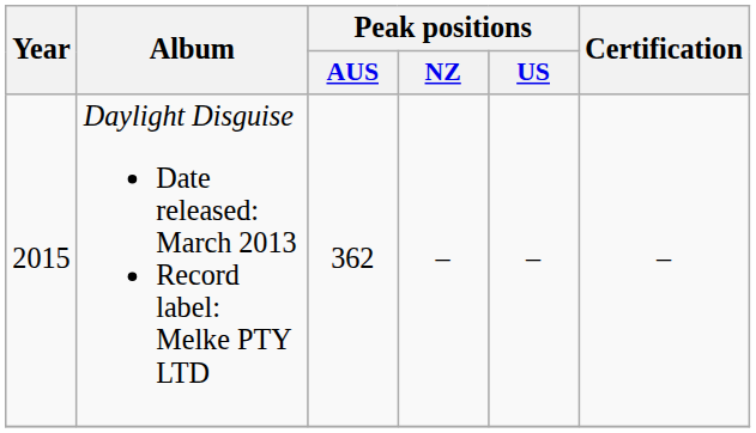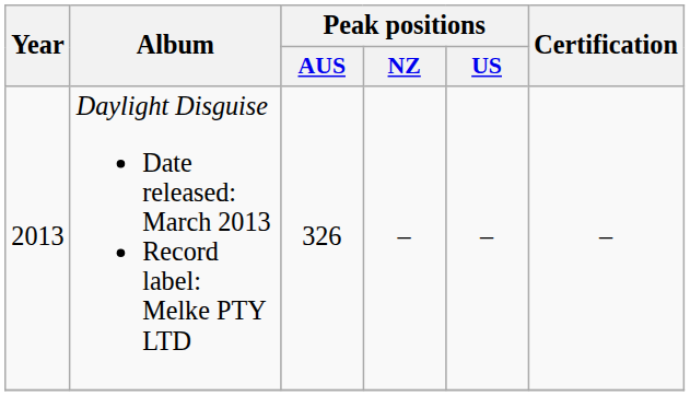 <table class="wikitable">
 <tr>
 <th align="center" rowspan="2" width="10">Year</th>
 <th align="center" rowspan="2" width="120">Album</th>
 <th align="center" colspan="3" width="20">Peak positions</th>
 <th align="center" rowspan="2" width="70">Certification</th>
 </tr>
 <tr>
 <th scope="col" style="width:3em;font-size:90%;"><a href='#'>AUS</a><br></th>
 <th scope="col" style="width:3em;font-size:90%;"><a href='#'>NZ</a><br></th>
 <th scope="col" style="width:3em;font-size:90%;"><a href='#'>US</a><br></th>
 </tr>
 <tr>
-<td style="text-align:center;">2015</td>
+<td style="text-align:center;">2013</td>
 <td><em>Daylight Disguise</em><br><ul><li>Date released: March 2013</li><li>Record label: Melke PTY LTD</li></ul></td>
-<td style="text-align:center;">362</td>
+<td style="text-align:center;">326</td>
 <td style="text-align:center;">–</td>
 <td style="text-align:center;">–</td>
 <td style="text-align:center;">–</td>
 </tr>
 <tr>
 </tr>
 </table>
